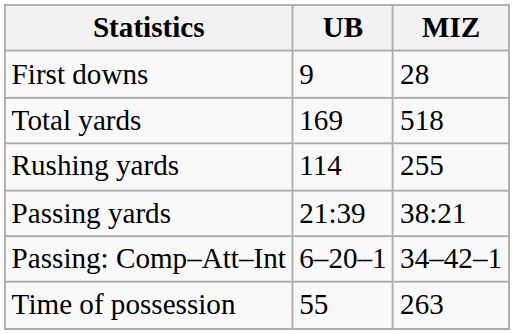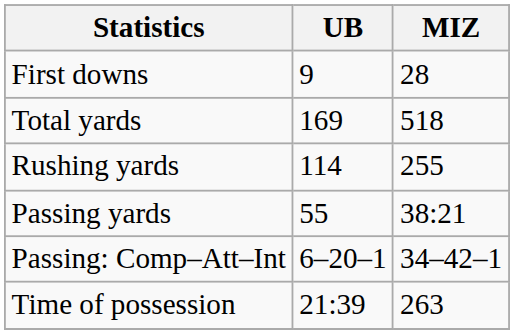 <table class="wikitable" style="float: left;">
 <tr>
 <th>Statistics</th>
 <th>UB</th>
 <th>MIZ</th>
 </tr>
 <tr>
 <td>First downs</td>
 <td>9</td>
 <td>28</td>
 </tr>
 <tr>
 <td>Total yards</td>
 <td>169</td>
 <td>518</td>
 </tr>
 <tr>
 <td>Rushing yards</td>
 <td>114</td>
 <td>255</td>
 </tr>
 <tr>
 <td>Passing yards</td>
-<td>21:39</td>
+<td>55</td>
 <td>38:21</td>
 </tr>
 <tr>
 <td>Passing: Comp–Att–Int</td>
 <td>6–20–1</td>
 <td>34–42–1</td>
 </tr>
 <tr>
 <td>Time of possession</td>
-<td>55</td>
+<td>21:39</td>
 <td>263</td>
 </tr>
 <tr>
 </tr>
 </table>
